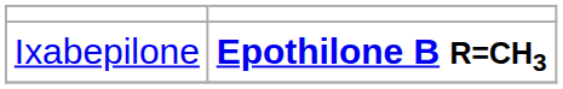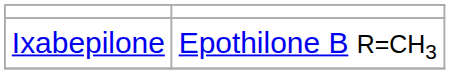 <table align="center"  class="wikitable" style="background-color:white;">
 <tr>
 <td></td>
 <td valign="top"></td>
 </tr>
 <tr>
 <td><a href='#'>Ixabepilone</a></td>
-<td><strong><a href='#'>Epothilone B</a> <small>R=CH<sub>3</sub></small></strong></td>
+<td><a href='#'>Epothilone B</a> <small>R=CH<sub>3</sub></small></td>
 </tr>
 <tr>
 </tr>
 </table>
